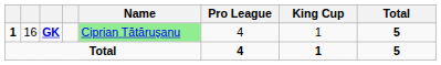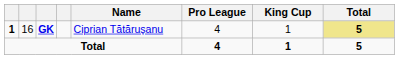 <table class="wikitable" style="text-align:center">
 <tr>
 <th width=15></th>
 <th width=15></th>
 <th width=15></th>
 <th width=15></th>
 <th width=160>Name</th>
 <th width=100>Pro League</th>
 <th width=100>King Cup</th>
 <th width=100>Total</th>
 </tr>
 <tr>
 <td><strong>1</strong></td>
 <td>16</td>
 <td><strong><a href='#'>GK</a></strong></td>
 <td></td>
-<td align=left style="background: lightgreen;"><a href='#'>Ciprian Tătărușanu</a></td>
+<td align=left><a href='#'>Ciprian Tătărușanu</a></td>
 <td>4</td>
 <td>1</td>
-<td><strong>5</strong></td>
+<td style="background: khaki;"><strong>5</strong></td>
 </tr>
 <tr>
 <td colspan=5><strong>Total</strong></td>
 <td><strong>4</strong></td>
 <td><strong>1</strong></td>
 <td><strong>5</strong></td>
 </tr>
 </table>
